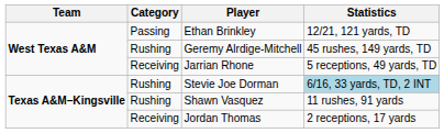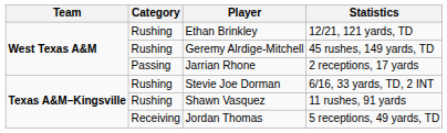 <table class="wikitable" style="float: right;">
 <tr>
 <th>Team</th>
 <th>Category</th>
 <th>Player</th>
 <th>Statistics</th>
 </tr>
 <tr>
 <td rowspan=3><strong>West Texas A&M</strong></td>
-<td>Passing</td>
+<td>Rushing</td>
 <td>Ethan Brinkley</td>
 <td>12/21, 121 yards, TD</td>
 </tr>
 <tr>
 <td>Rushing</td>
 <td>Geremy Alrdige-Mitchell</td>
 <td>45 rushes, 149 yards, TD</td>
 </tr>
 <tr>
-<td>Receiving</td>
+<td>Passing</td>
 <td>Jarrian Rhone</td>
-<td>5 receptions, 49 yards, TD</td>
+<td>2 receptions, 17 yards</td>
 </tr>
 <tr>
 <td rowspan=3><strong>Texas A&M–Kingsville</strong></td>
 <td>Rushing</td>
 <td>Stevie Joe Dorman</td>
-<td style="background: lightblue;">6/16, 33 yards, TD, 2 INT</td>
+<td>6/16, 33 yards, TD, 2 INT</td>
 </tr>
 <tr>
 <td>Rushing</td>
 <td>Shawn Vasquez</td>
 <td>11 rushes, 91 yards</td>
 </tr>
 <tr>
 <td>Receiving</td>
 <td>Jordan Thomas</td>
-<td>2 receptions, 17 yards</td>
+<td>5 receptions, 49 yards, TD</td>
 </tr>
 </table>
